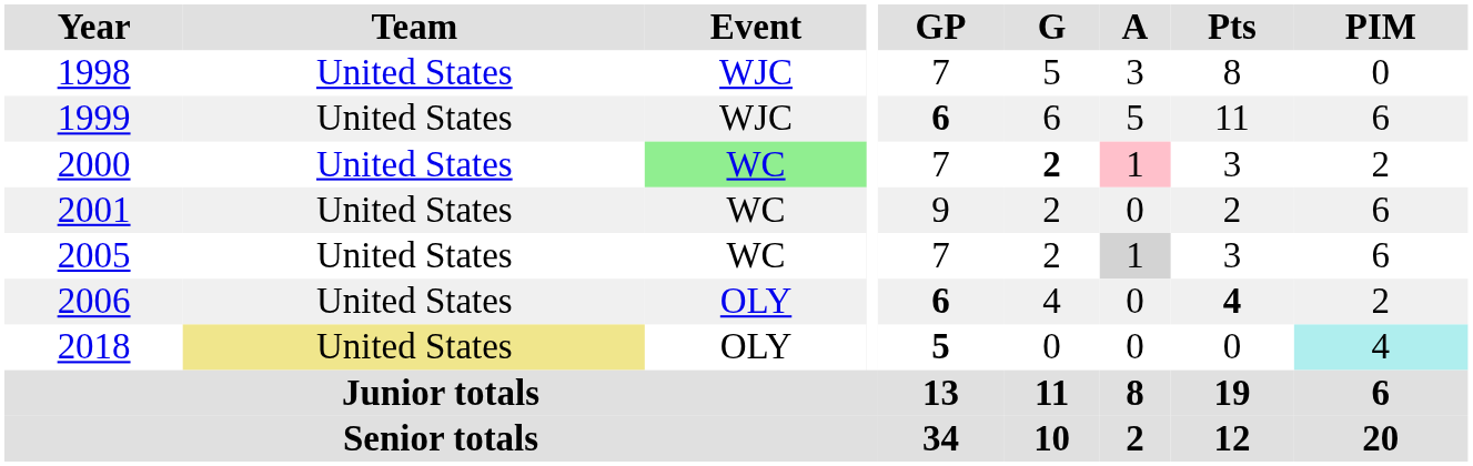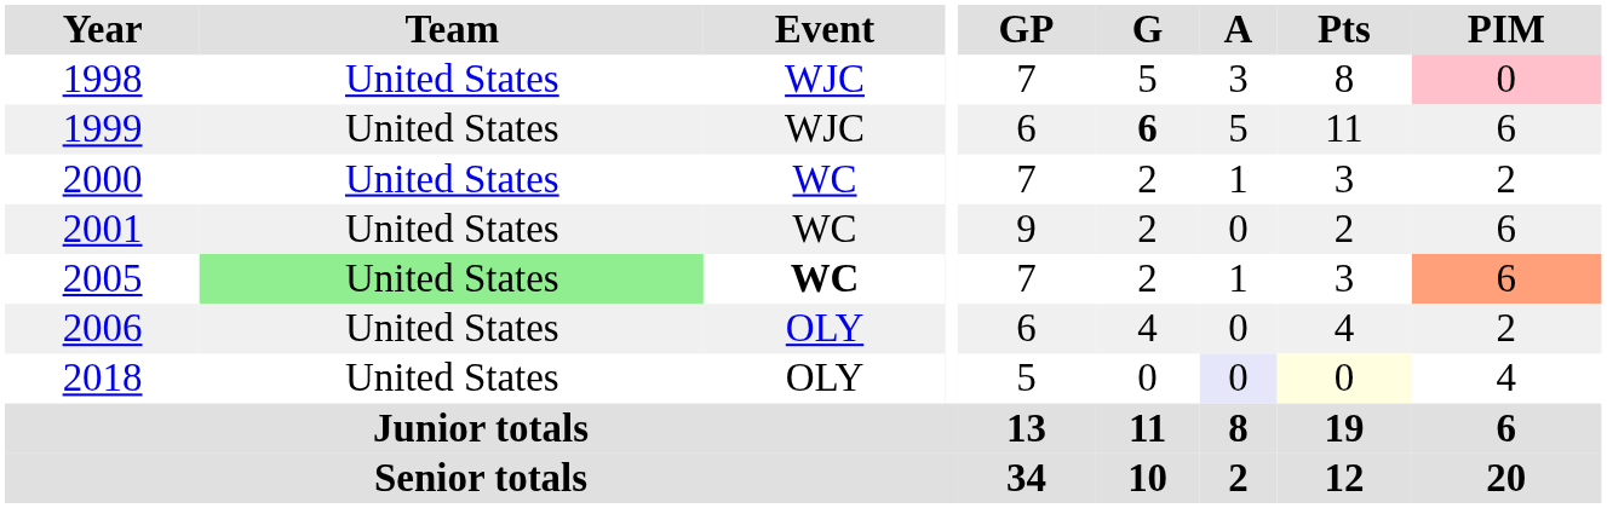 <table border="0" cellpadding="1" cellspacing="0" ID="Table3" style="text-align:center; width:40em">
 <tr bgcolor="#e0e0e0">
 <th>Year</th>
 <th>Team</th>
 <th>Event</th>
 <th rowspan="102" bgcolor="#ffffff"></th>
 <th>GP</th>
 <th>G</th>
 <th>A</th>
 <th>Pts</th>
 <th>PIM</th>
 </tr>
 <tr>
 <td><a href='#'>1998</a></td>
 <td><a href='#'>United States</a></td>
 <td><a href='#'>WJC</a></td>
 <td>7</td>
 <td>5</td>
 <td>3</td>
 <td>8</td>
-<td>0</td>
+<td style="background: pink;">0</td>
 </tr>
 <tr bgcolor="#f0f0f0">
 <td><a href='#'>1999</a></td>
 <td>United States</td>
 <td>WJC</td>
+<td>6</td>
 <td><strong>6</strong></td>
-<td>6</td>
 <td>5</td>
 <td>11</td>
 <td>6</td>
 </tr>
 <tr>
 <td><a href='#'>2000</a></td>
 <td><a href='#'>United States</a></td>
-<td style="background: lightgreen;"><a href='#'>WC</a></td>
+<td><a href='#'>WC</a></td>
 <td>7</td>
-<td><strong>2</strong></td>
-<td style="background: pink;">1</td>
+<td>2</td>
+<td>1</td>
 <td>3</td>
 <td>2</td>
 </tr>
 <tr bgcolor="#f0f0f0">
 <td><a href='#'>2001</a></td>
 <td>United States</td>
 <td>WC</td>
 <td>9</td>
 <td>2</td>
 <td>0</td>
 <td>2</td>
 <td>6</td>
 </tr>
 <tr>
 <td><a href='#'>2005</a></td>
-<td>United States</td>
-<td>WC</td>
+<td style="background: lightgreen;">United States</td>
+<td><strong>WC</strong></td>
 <td>7</td>
 <td>2</td>
-<td style="background: lightgrey;">1</td>
+<td>1</td>
 <td>3</td>
-<td>6</td>
+<td style="background: lightsalmon;">6</td>
 </tr>
 <tr bgcolor="#f0f0f0">
 <td><a href='#'>2006</a></td>
 <td>United States</td>
 <td><a href='#'>OLY</a></td>
-<td><strong>6</strong></td>
+<td>6</td>
 <td>4</td>
 <td>0</td>
-<td><strong>4</strong></td>
+<td>4</td>
 <td>2</td>
 </tr>
 <tr>
 <td><a href='#'>2018</a></td>
-<td style="background: khaki;">United States</td>
+<td>United States</td>
 <td>OLY</td>
-<td><strong>5</strong></td>
+<td>5</td>
 <td>0</td>
-<td>0</td>
-<td>0</td>
-<td style="background: paleturquoise;">4</td>
+<td style="background: lavender;">0</td>
+<td style="background: lightyellow;">0</td>
+<td>4</td>
 </tr>
 <tr bgcolor="#e0e0e0">
 <th colspan="4">Junior totals</th>
 <th>13</th>
 <th>11</th>
 <th>8</th>
 <th>19</th>
 <th>6</th>
 </tr>
 <tr bgcolor="#e0e0e0">
 <th colspan="4">Senior totals</th>
 <th>34</th>
 <th>10</th>
 <th>2</th>
 <th>12</th>
 <th>20</th>
 </tr>
 </table>
